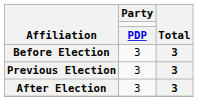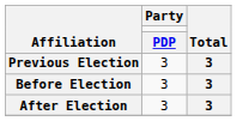 <table class=wikitable style="text-align:center">
 <tr style="vertical-align:bottom;">
 <th rowspan=3>Affiliation</th>
 <th colspan=1>Party</th>
 <th rowspan=3>Total</th>
 </tr>
 <tr>
 <td style="background-color:"></td>
 </tr>
 <tr>
 <th><a href='#'>PDP</a></th>
 </tr>
 <tr>
-<th>Before Election</th>
+<th>Previous Election</th>
 <td>3</td>
 <th>3</th>
 </tr>
 <tr>
-<th>Previous Election</th>
+<th>Before Election</th>
 <td>3</td>
 <th>3</th>
 </tr>
 <tr>
 <th>After Election</th>
 <td>3</td>
 <th>3</th>
 </tr>
 <tr>
 </tr>
 </table>
